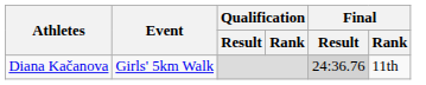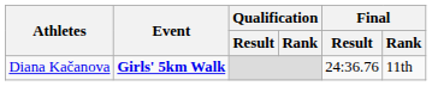 <table class="wikitable" border="1" style="font-size:90%">
 <tr>
 <th rowspan=2>Athletes</th>
 <th rowspan=2>Event</th>
 <th colspan=2>Qualification</th>
 <th colspan=2>Final</th>
 </tr>
 <tr>
 <th>Result</th>
 <th>Rank</th>
 <th>Result</th>
 <th>Rank</th>
 </tr>
 <tr>
 <td><a href='#'>Diana Kačanova</a></td>
-<td><a href='#'>Girls' 5km Walk</a></td>
+<td><strong><a href='#'>Girls' 5km Walk</a></strong></td>
 <td colspan=2 bgcolor=#DCDCDC></td>
-<td style="background: lightgrey;">24:36.76</td>
+<td>24:36.76</td>
 <td>11th</td>
 </tr>
 </table>
